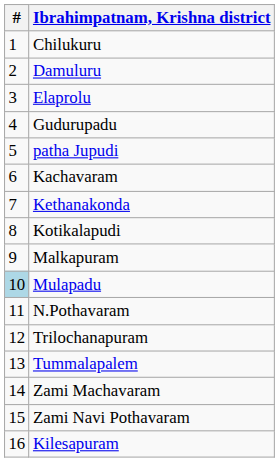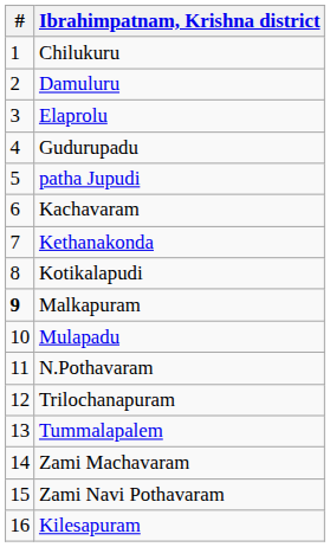 <table class="wikitable">
 <tr>
 <th>#</th>
 <th><a href='#'>Ibrahimpatnam, Krishna district</a></th>
 </tr>
 <tr>
 <td>1</td>
 <td>Chilukuru</td>
 </tr>
 <tr>
 <td>2</td>
 <td><a href='#'>Damuluru</a></td>
 </tr>
 <tr>
 <td>3</td>
 <td><a href='#'>Elaprolu</a></td>
 </tr>
 <tr>
 <td>4</td>
 <td>Gudurupadu</td>
 </tr>
 <tr>
 <td>5</td>
 <td><a href='#'>patha Jupudi</a></td>
 </tr>
 <tr>
 <td>6</td>
 <td>Kachavaram</td>
 </tr>
 <tr>
 <td>7</td>
 <td><a href='#'>Kethanakonda</a></td>
 </tr>
 <tr>
 <td>8</td>
 <td>Kotikalapudi</td>
 </tr>
 <tr>
-<td>9</td>
+<td><strong>9</strong></td>
 <td>Malkapuram</td>
 </tr>
 <tr>
-<td style="background: lightblue;">10</td>
+<td>10</td>
 <td><a href='#'>Mulapadu</a></td>
 </tr>
 <tr>
 <td>11</td>
 <td>N.Pothavaram</td>
 </tr>
 <tr>
 <td>12</td>
 <td>Trilochanapuram</td>
 </tr>
 <tr>
 <td>13</td>
 <td><a href='#'>Tummalapalem</a></td>
 </tr>
 <tr>
 <td>14</td>
 <td>Zami Machavaram</td>
 </tr>
 <tr>
 <td>15</td>
 <td>Zami Navi Pothavaram</td>
 </tr>
 <tr>
 <td>16</td>
 <td><a href='#'>Kilesapuram </a></td>
 </tr>
 </table>
